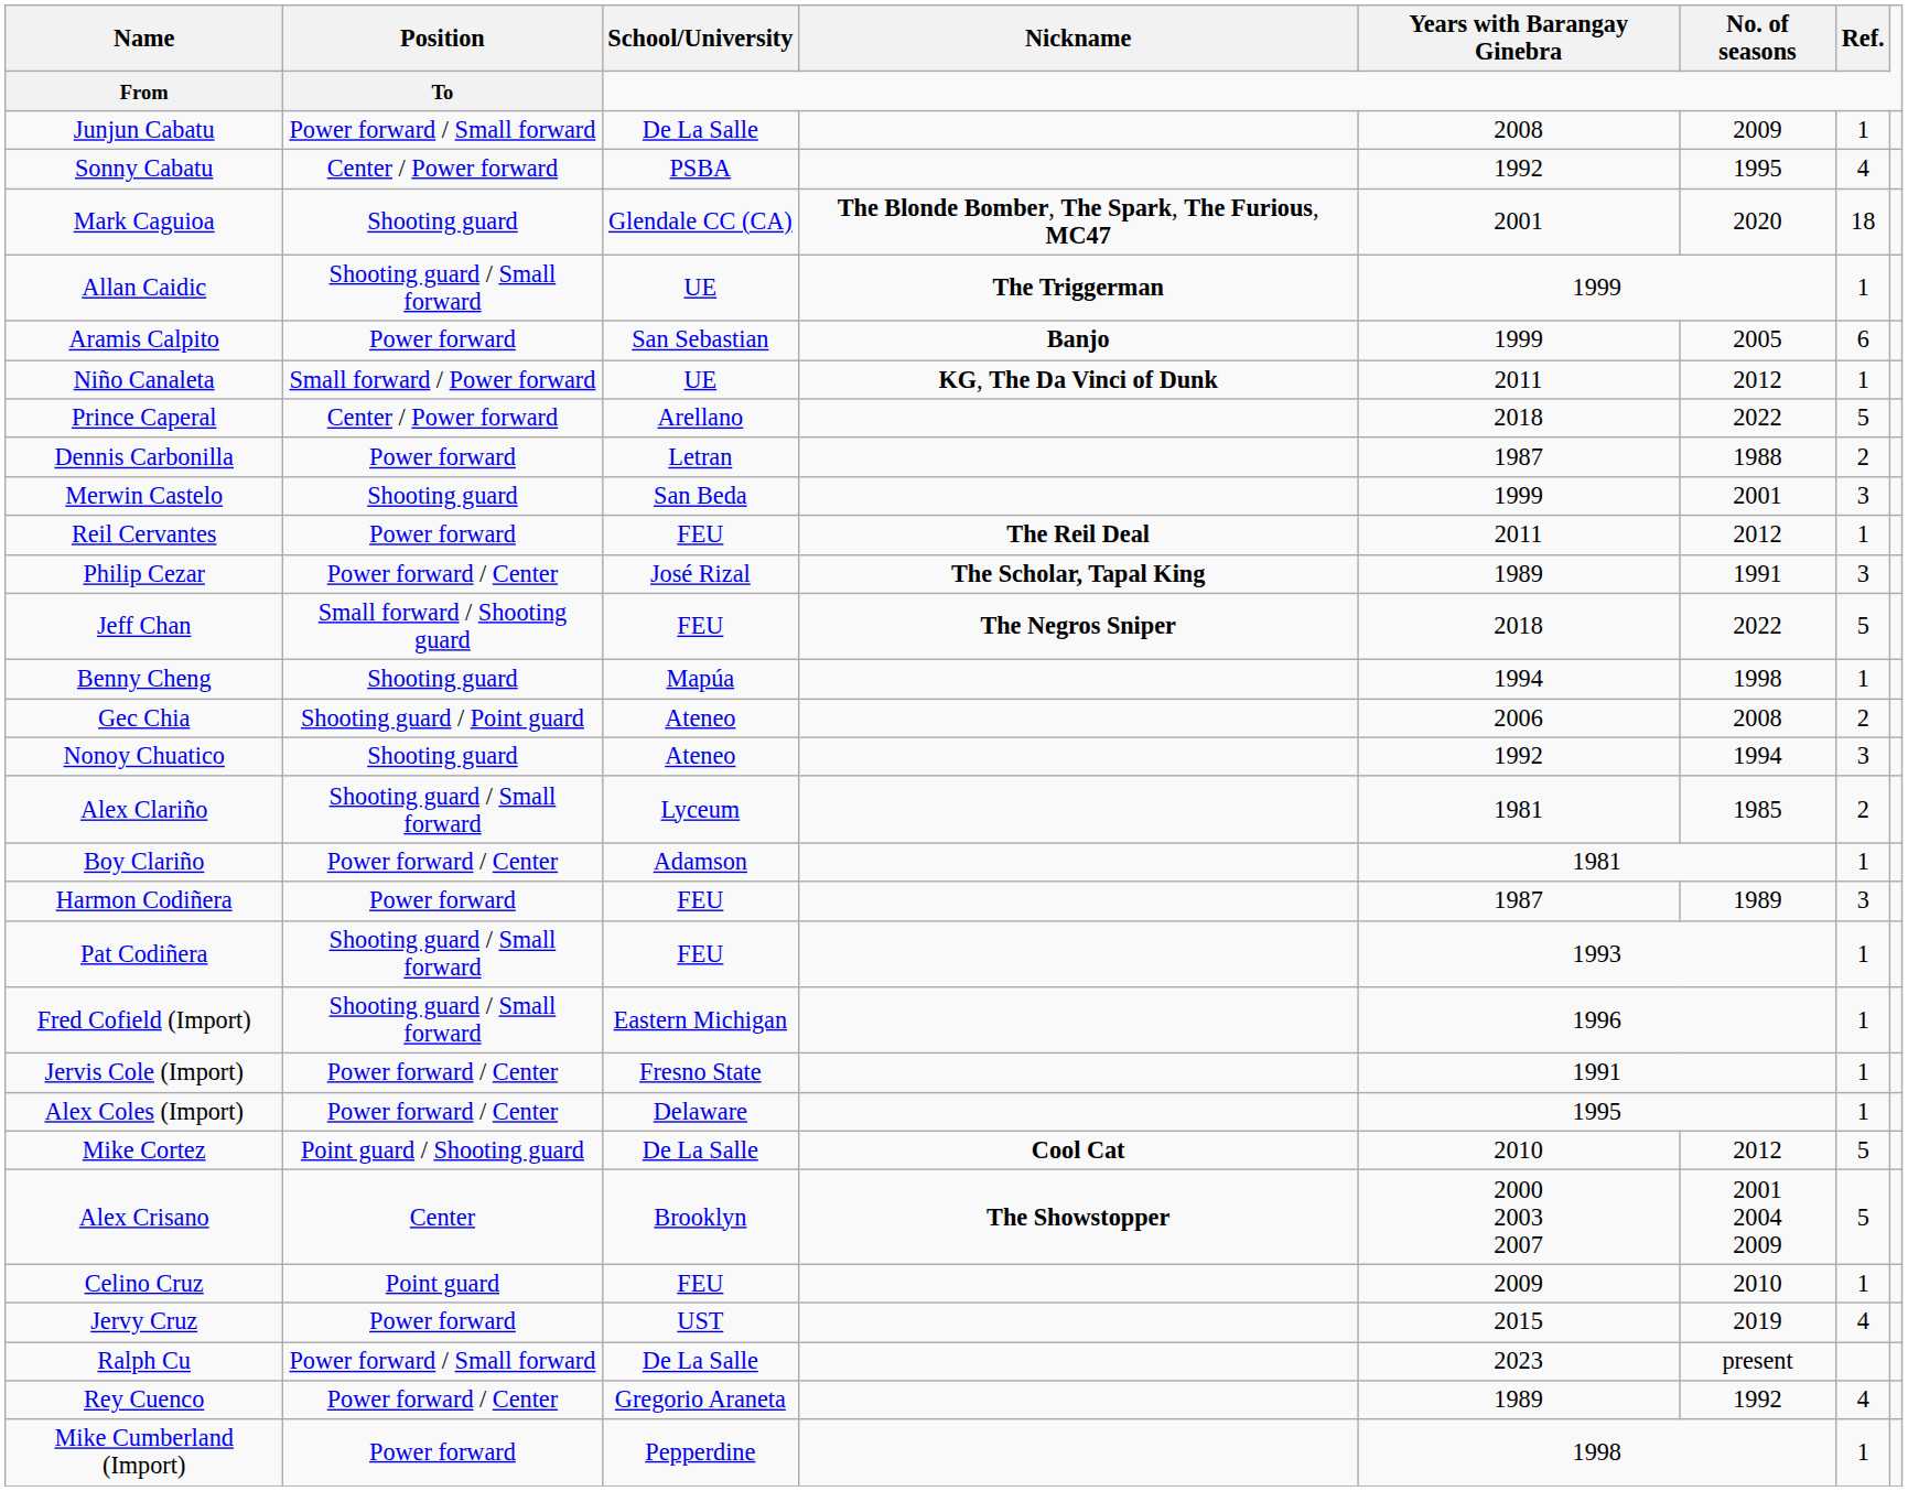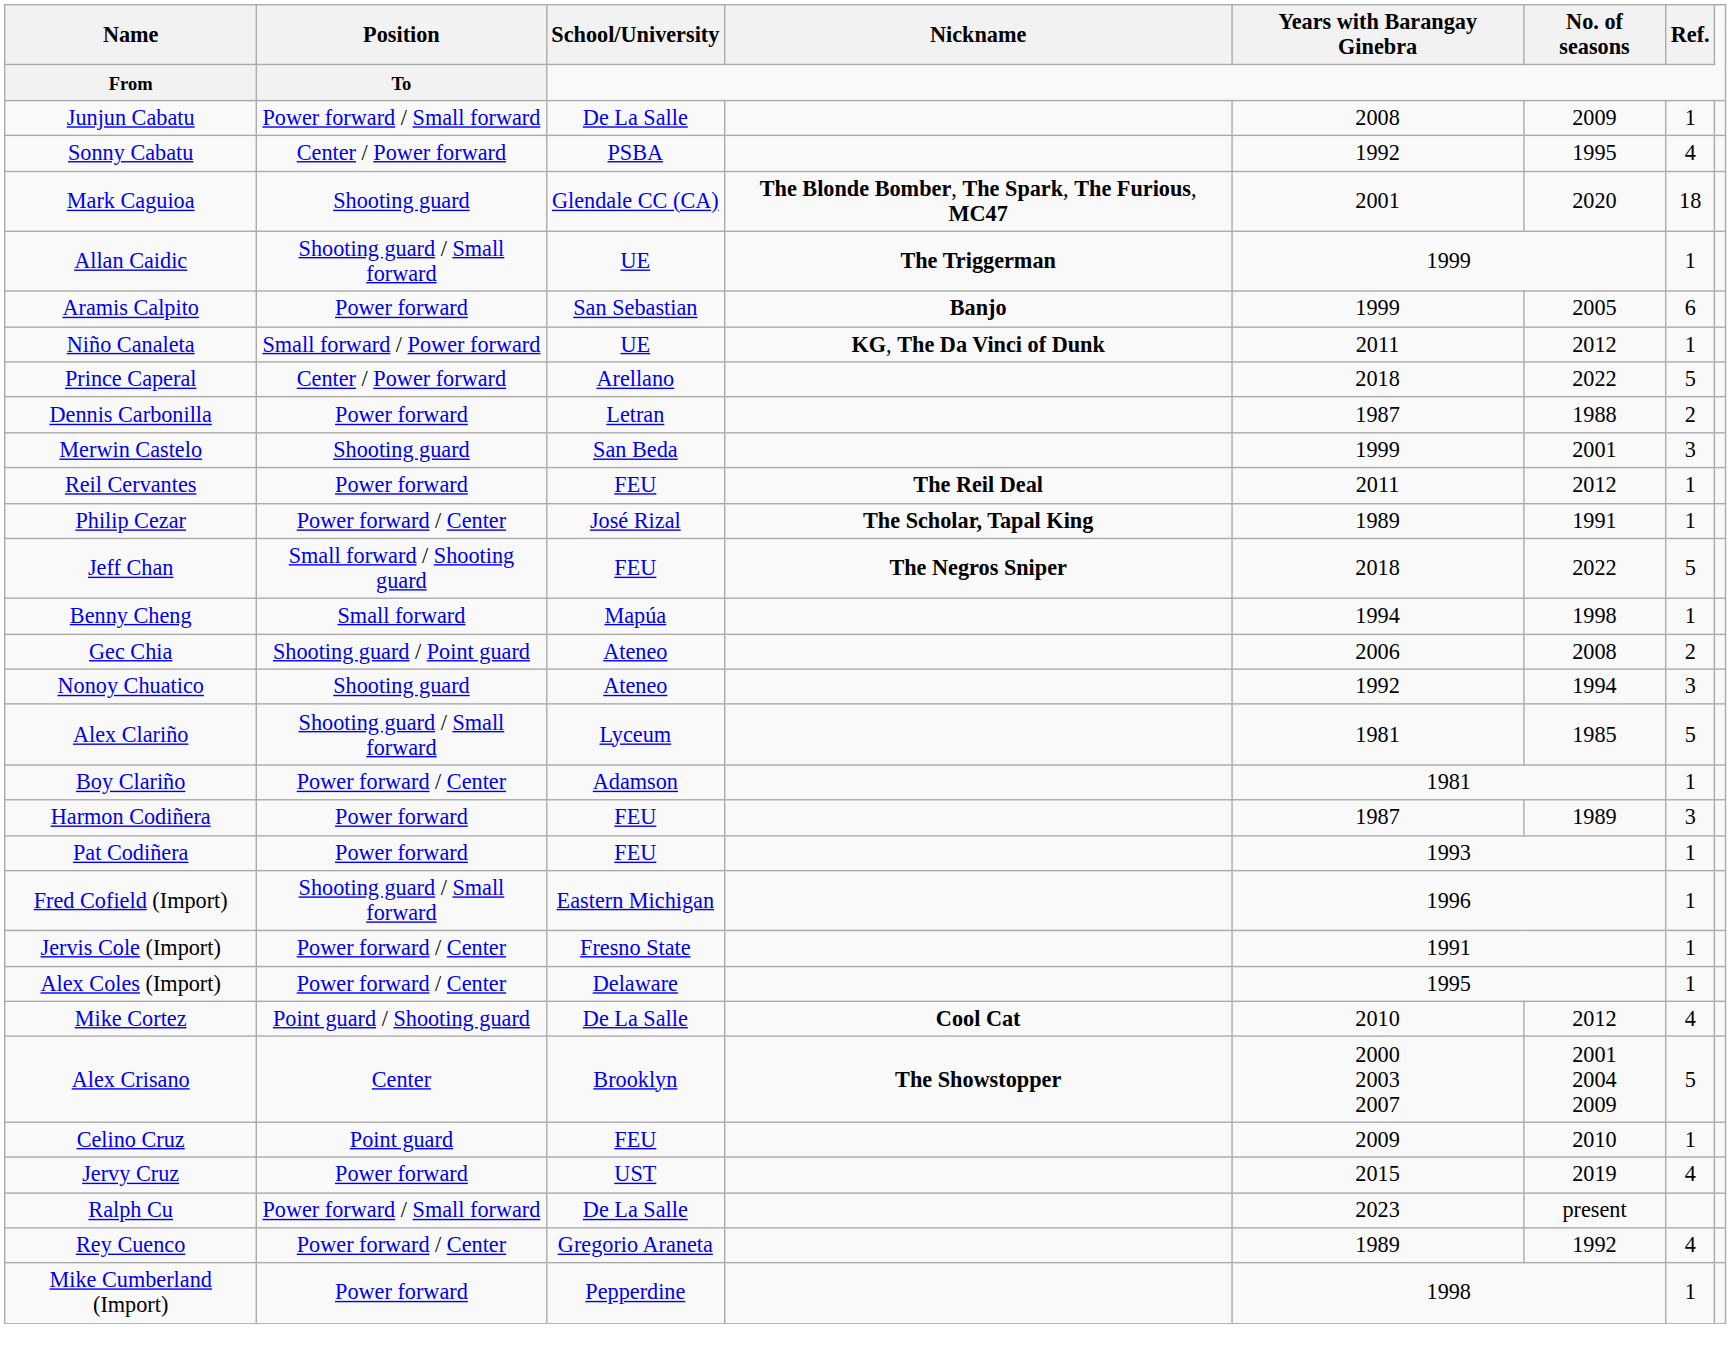 <table class="wikitable sortable" style="text-align:center" width="98%">
 <tr>
 <th>Name</th>
 <th>Position</th>
 <th>School/University</th>
 <th>Nickname</th>
 <th>Years with Barangay Ginebra</th>
 <th>No. of seasons</th>
 <th>Ref.</th>
 </tr>
 <tr>
 <th><small>From</small></th>
 <th><small>To</small></th>
 </tr>
 <tr>
 <td><a href='#'>Junjun Cabatu</a></td>
 <td><a href='#'>Power forward</a> / <a href='#'>Small forward</a></td>
 <td><a href='#'>De La Salle</a></td>
 <td></td>
 <td>2008</td>
 <td>2009</td>
 <td>1</td>
 <td></td>
 </tr>
 <tr>
 <td><a href='#'>Sonny Cabatu</a></td>
 <td><a href='#'>Center</a> / <a href='#'>Power forward</a></td>
 <td><a href='#'>PSBA</a></td>
 <td></td>
 <td>1992</td>
 <td>1995</td>
 <td>4</td>
 <td></td>
 </tr>
 <tr>
 <td><a href='#'>Mark Caguioa</a></td>
 <td><a href='#'>Shooting guard</a></td>
 <td><a href='#'>Glendale CC (CA)</a></td>
 <td><strong>The Blonde Bomber</strong>, <strong>The Spark</strong>, <strong>The Furious</strong>, <strong>MC47</strong></td>
 <td>2001</td>
 <td>2020</td>
 <td>18</td>
 <td></td>
 </tr>
 <tr>
 <td><a href='#'>Allan Caidic</a></td>
 <td><a href='#'>Shooting guard</a> / <a href='#'>Small forward</a></td>
 <td><a href='#'>UE</a></td>
 <td><strong>The Triggerman</strong></td>
 <td colspan="2">1999</td>
 <td>1</td>
 <td></td>
 </tr>
 <tr>
 <td><a href='#'>Aramis Calpito</a></td>
 <td><a href='#'>Power forward</a></td>
 <td><a href='#'>San Sebastian</a></td>
 <td><strong>Banjo</strong></td>
 <td>1999</td>
 <td>2005</td>
 <td>6</td>
 <td></td>
 </tr>
 <tr>
 <td><a href='#'>Niño Canaleta</a></td>
 <td><a href='#'>Small forward</a> / <a href='#'>Power forward</a></td>
 <td><a href='#'>UE</a></td>
 <td><strong>KG</strong>, <strong>The Da Vinci of Dunk</strong></td>
 <td>2011</td>
 <td>2012</td>
 <td>1</td>
 <td></td>
 </tr>
 <tr>
 <td><a href='#'>Prince Caperal</a></td>
 <td><a href='#'>Center</a> / <a href='#'>Power forward</a></td>
 <td><a href='#'>Arellano</a></td>
 <td></td>
 <td>2018</td>
 <td>2022</td>
 <td>5</td>
 <td></td>
 </tr>
 <tr>
 <td><a href='#'>Dennis Carbonilla</a></td>
 <td><a href='#'>Power forward</a></td>
 <td><a href='#'>Letran</a></td>
 <td></td>
 <td>1987</td>
 <td>1988</td>
 <td>2</td>
 <td></td>
 </tr>
 <tr>
 <td><a href='#'>Merwin Castelo</a></td>
 <td><a href='#'>Shooting guard</a></td>
 <td><a href='#'>San Beda</a></td>
 <td></td>
 <td>1999</td>
 <td>2001</td>
 <td>3</td>
 <td></td>
 </tr>
 <tr>
 <td><a href='#'>Reil Cervantes</a></td>
 <td><a href='#'>Power forward</a></td>
 <td><a href='#'>FEU</a></td>
 <td><strong>The Reil Deal</strong></td>
 <td>2011</td>
 <td>2012</td>
 <td>1</td>
 <td></td>
 </tr>
 <tr>
 <td><a href='#'>Philip Cezar</a></td>
 <td><a href='#'>Power forward</a> / <a href='#'>Center</a></td>
 <td><a href='#'>José Rizal</a></td>
 <td><strong>The Scholar, Tapal King</strong></td>
 <td>1989</td>
 <td>1991</td>
-<td>3</td>
+<td>1</td>
 <td></td>
 </tr>
 <tr>
 <td><a href='#'>Jeff Chan</a></td>
 <td><a href='#'>Small forward</a> / <a href='#'>Shooting guard</a></td>
 <td><a href='#'>FEU</a></td>
 <td><strong>The Negros Sniper</strong></td>
 <td>2018</td>
 <td>2022</td>
 <td>5</td>
 <td></td>
 </tr>
 <tr>
 <td><a href='#'>Benny Cheng</a></td>
-<td><a href='#'>Shooting guard</a></td>
+<td><a href='#'>Small forward</a></td>
 <td><a href='#'>Mapúa</a></td>
 <td></td>
 <td>1994</td>
 <td>1998</td>
 <td>1</td>
 <td></td>
 </tr>
 <tr>
 <td><a href='#'>Gec Chia</a></td>
 <td><a href='#'>Shooting guard</a> / <a href='#'>Point guard</a></td>
 <td><a href='#'>Ateneo</a></td>
 <td></td>
 <td>2006</td>
 <td>2008</td>
 <td>2</td>
 <td></td>
 </tr>
 <tr>
 <td><a href='#'>Nonoy Chuatico</a></td>
 <td><a href='#'>Shooting guard</a></td>
 <td><a href='#'>Ateneo</a></td>
 <td></td>
 <td>1992</td>
 <td>1994</td>
 <td>3</td>
 <td></td>
 </tr>
 <tr>
 <td><a href='#'>Alex Clariño</a></td>
 <td><a href='#'>Shooting guard</a> / <a href='#'>Small forward</a></td>
 <td><a href='#'>Lyceum</a></td>
 <td></td>
 <td>1981</td>
 <td>1985</td>
-<td>2</td>
+<td>5</td>
 <td></td>
 </tr>
 <tr>
 <td><a href='#'>Boy Clariño</a></td>
 <td><a href='#'>Power forward</a> / <a href='#'>Center</a></td>
 <td><a href='#'>Adamson</a></td>
 <td></td>
 <td colspan="2">1981</td>
 <td>1</td>
 <td></td>
 </tr>
 <tr>
 <td><a href='#'>Harmon Codiñera</a></td>
 <td><a href='#'>Power forward</a></td>
 <td><a href='#'>FEU</a></td>
 <td></td>
 <td>1987</td>
 <td>1989</td>
 <td>3</td>
 <td></td>
 </tr>
 <tr>
 <td><a href='#'>Pat Codiñera</a></td>
-<td><a href='#'>Shooting guard</a> / <a href='#'>Small forward</a></td>
+<td><a href='#'>Power forward</a></td>
 <td><a href='#'>FEU</a></td>
 <td></td>
 <td colspan="2">1993</td>
 <td>1</td>
 <td></td>
 </tr>
 <tr>
 <td><a href='#'>Fred Cofield</a> (Import)</td>
 <td><a href='#'>Shooting guard</a> / <a href='#'>Small forward</a></td>
 <td><a href='#'>Eastern Michigan</a></td>
 <td></td>
 <td colspan="2">1996</td>
 <td>1</td>
 <td></td>
 </tr>
 <tr>
 <td><a href='#'>Jervis Cole</a> (Import)</td>
 <td><a href='#'>Power forward</a> / <a href='#'>Center</a></td>
 <td><a href='#'>Fresno State</a></td>
 <td></td>
 <td colspan="2">1991</td>
 <td>1</td>
 <td></td>
 </tr>
 <tr>
 <td><a href='#'>Alex Coles</a> (Import)</td>
 <td><a href='#'>Power forward</a> / <a href='#'>Center</a></td>
 <td><a href='#'>Delaware</a></td>
 <td></td>
 <td colspan="2">1995</td>
 <td>1</td>
 <td></td>
 </tr>
 <tr>
 <td><a href='#'>Mike Cortez</a></td>
 <td><a href='#'>Point guard</a> / <a href='#'>Shooting guard</a></td>
 <td><a href='#'>De La Salle</a></td>
 <td><strong>Cool Cat</strong></td>
 <td>2010</td>
 <td>2012</td>
-<td>5</td>
+<td>4</td>
 <td></td>
 </tr>
 <tr>
 <td><a href='#'>Alex Crisano</a></td>
 <td><a href='#'>Center</a></td>
 <td><a href='#'>Brooklyn</a></td>
 <td><strong>The Showstopper</strong></td>
 <td>2000<br>2003<br>2007</td>
 <td>2001<br>2004<br>2009</td>
 <td>5</td>
 <td></td>
 </tr>
 <tr>
 <td><a href='#'>Celino Cruz</a></td>
 <td><a href='#'>Point guard</a></td>
 <td><a href='#'>FEU</a></td>
 <td></td>
 <td>2009</td>
 <td>2010</td>
 <td>1</td>
 <td></td>
 </tr>
 <tr>
 <td><a href='#'>Jervy Cruz</a></td>
 <td><a href='#'>Power forward</a></td>
 <td><a href='#'>UST</a></td>
 <td></td>
 <td>2015</td>
 <td>2019</td>
 <td>4</td>
 <td></td>
 </tr>
 <tr>
 <td><a href='#'>Ralph Cu</a></td>
 <td><a href='#'>Power forward</a> / <a href='#'>Small forward</a></td>
 <td><a href='#'>De La Salle</a></td>
 <td></td>
 <td>2023</td>
 <td>present</td>
 <td></td>
 <td></td>
 </tr>
 <tr>
 <td><a href='#'>Rey Cuenco</a></td>
 <td><a href='#'>Power forward</a> / <a href='#'>Center</a></td>
 <td><a href='#'>Gregorio Araneta</a></td>
 <td></td>
 <td>1989</td>
 <td>1992</td>
 <td>4</td>
 <td></td>
 </tr>
 <tr>
 <td><a href='#'>Mike Cumberland</a> (Import)</td>
 <td><a href='#'>Power forward</a></td>
 <td><a href='#'>Pepperdine</a></td>
 <td></td>
 <td colspan="2">1998</td>
 <td>1</td>
 <td></td>
 </tr>
 </table>
